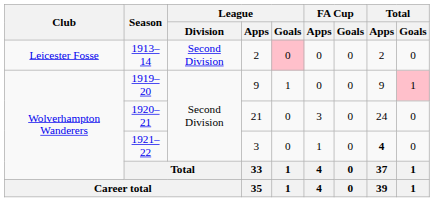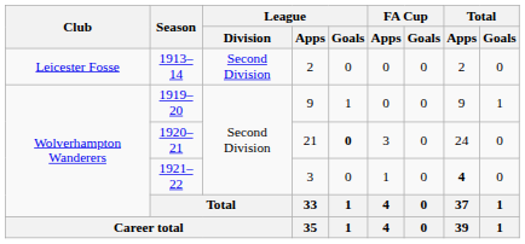 <table class="wikitable" style="text-align: center;">
 <tr>
 <th rowspan="2">Club</th>
 <th rowspan="2">Season</th>
 <th colspan="3">League</th>
 <th colspan="2">FA Cup</th>
 <th colspan="2">Total</th>
 </tr>
 <tr>
 <th>Division</th>
 <th>Apps</th>
 <th>Goals</th>
 <th>Apps</th>
 <th>Goals</th>
 <th>Apps</th>
 <th>Goals</th>
 </tr>
 <tr>
 <td><a href='#'>Leicester Fosse</a></td>
 <td><a href='#'>1913–14</a></td>
 <td><a href='#'>Second Division</a></td>
 <td>2</td>
-<td style="background: pink;">0</td>
+<td>0</td>
 <td>0</td>
 <td>0</td>
 <td>2</td>
 <td>0</td>
 </tr>
 <tr>
 <td rowspan="4"><a href='#'>Wolverhampton Wanderers</a></td>
 <td><a href='#'>1919–20</a></td>
 <td rowspan="3">Second Division</td>
 <td>9</td>
 <td>1</td>
 <td>0</td>
 <td>0</td>
 <td>9</td>
-<td style="background: pink;">1</td>
+<td>1</td>
 </tr>
 <tr>
 <td><a href='#'>1920–21</a></td>
 <td>21</td>
-<td>0</td>
+<td><strong>0</strong></td>
 <td>3</td>
 <td>0</td>
 <td>24</td>
 <td>0</td>
 </tr>
 <tr>
 <td><a href='#'>1921–22</a></td>
 <td>3</td>
 <td>0</td>
 <td>1</td>
 <td>0</td>
 <td><strong>4</strong></td>
 <td>0</td>
 </tr>
 <tr>
 <th colspan="2">Total</th>
 <th>33</th>
 <th>1</th>
 <th>4</th>
 <th>0</th>
 <th>37</th>
 <th>1</th>
 </tr>
 <tr>
 <th colspan="3">Career total</th>
 <th>35</th>
 <th>1</th>
 <th>4</th>
 <th>0</th>
 <th>39</th>
 <th>1</th>
 </tr>
 </table>
